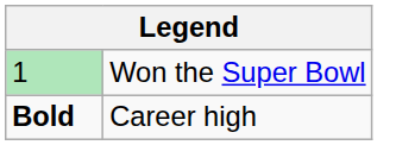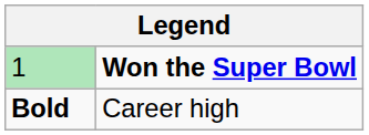 <table class="wikitable mw-collapsible mw-collapsed">
 <tr>
 <th colspan="2">Legend</th>
 </tr>
 <tr>
 <td style="background:#afe6ba; width:3em;">1</td>
-<td>Won the <a href='#'>Super Bowl</a></td>
+<td><strong>Won the <a href='#'>Super Bowl</a></strong></td>
 </tr>
 <tr>
 <td><strong>Bold</strong></td>
 <td>Career high</td>
 </tr>
 </table>
